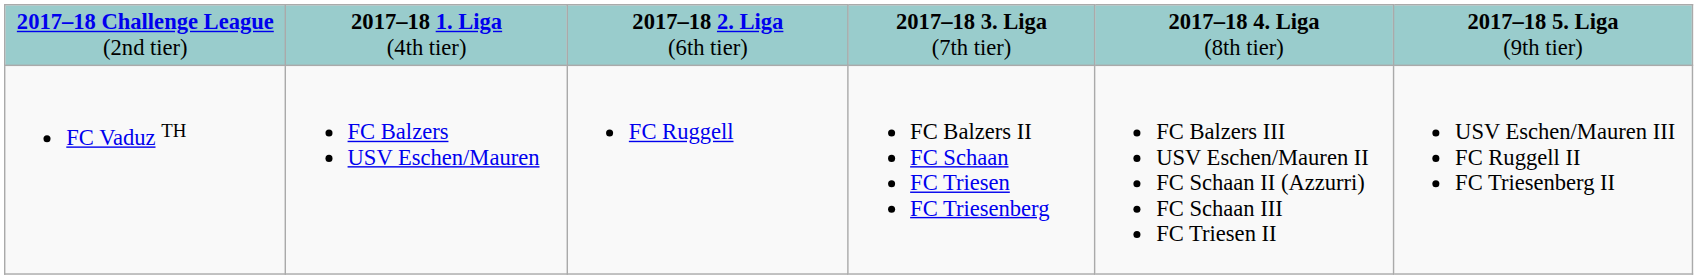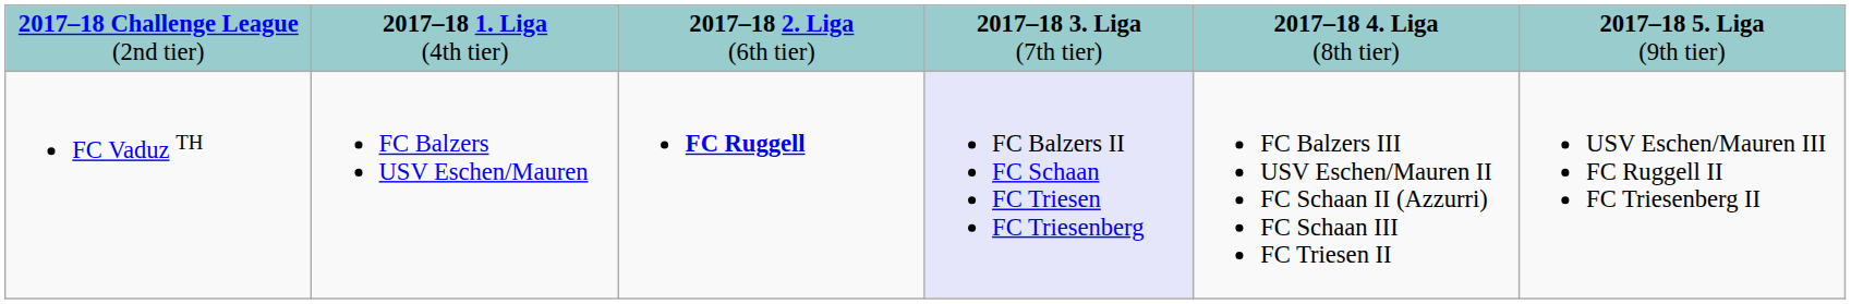 <table class="wikitable">
 <tr valign="top" bgcolor="#99CCCC">
 <td align="center" width="16%"><strong><a href='#'>2017–18 Challenge League</a></strong><br>(2nd tier)</td>
 <td align="center" width="16%"><strong>2017–18 <a href='#'>1. Liga</a></strong><br>(4th tier)</td>
 <td align="center" width="16%"><strong>2017–18 <a href='#'>2. Liga</a></strong><br>(6th tier)</td>
 <td align="center" width="14%"><strong>2017–18 3. Liga</strong><br>(7th tier)</td>
 <td align="center" width="17%"><strong>2017–18 4. Liga</strong><br>(8th tier)</td>
 <td align="center" width="17%"><strong>2017–18 5. Liga</strong><br>(9th tier)</td>
 </tr>
 <tr valign="top">
 <td><br><ul><li><a href='#'>FC Vaduz</a> <sup>TH</sup></li></ul></td>
 <td><br><ul><li><a href='#'>FC Balzers</a></li><li><a href='#'>USV Eschen/Mauren</a></li></ul></td>
-<td><br><ul><li><a href='#'>FC Ruggell</a></li></ul></td>
-<td><br><ul><li>FC Balzers II</li><li><a href='#'>FC Schaan</a></li><li><a href='#'>FC Triesen</a></li><li><a href='#'>FC Triesenberg</a></li></ul></td>
+<td><strong><br><ul><li><a href='#'>FC Ruggell</a></li></ul></strong></td>
+<td style="background: lavender;"><br><ul><li>FC Balzers II</li><li><a href='#'>FC Schaan</a></li><li><a href='#'>FC Triesen</a></li><li><a href='#'>FC Triesenberg</a></li></ul></td>
 <td><br><ul><li>FC Balzers III</li><li>USV Eschen/Mauren II</li><li>FC Schaan II (Azzurri)</li><li>FC Schaan III</li><li>FC Triesen II</li></ul></td>
 <td><br><ul><li>USV Eschen/Mauren III</li><li>FC Ruggell II</li><li>FC Triesenberg II</li></ul></td>
 </tr>
 </table>
